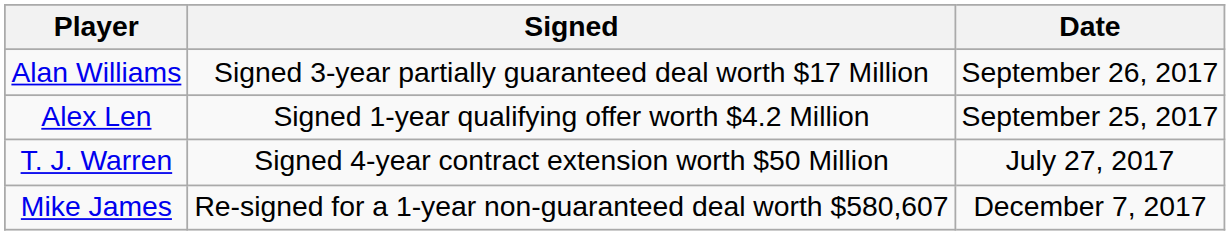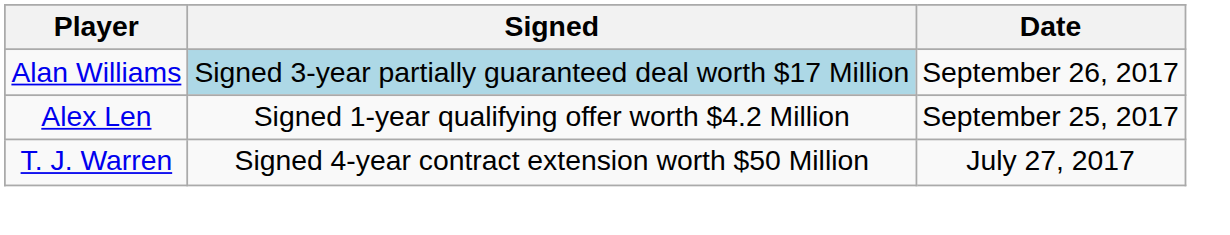 <table class="wikitable sortable sortable">
 <tr>
 <th>Player</th>
 <th>Signed</th>
 <th>Date</th>
 </tr>
 <tr style="text-align: center">
 <td><a href='#'>Alan Williams</a></td>
-<td>Signed 3-year partially guaranteed deal worth $17 Million</td>
+<td style="background: lightblue;">Signed 3-year partially guaranteed deal worth $17 Million</td>
 <td>September 26, 2017</td>
 </tr>
 <tr style="text-align: center">
 <td><a href='#'>Alex Len</a></td>
 <td>Signed 1-year qualifying offer worth $4.2 Million</td>
 <td>September 25, 2017</td>
 </tr>
 <tr style="text-align: center">
 <td><a href='#'>T. J. Warren</a></td>
 <td>Signed 4-year contract extension worth $50 Million</td>
 <td>July 27, 2017</td>
 </tr>
-<tr style="text-align: center">
-<td><a href='#'>Mike James</a></td>
-<td>Re-signed for a 1-year non-guaranteed deal worth $580,607</td>
-<td>December 7, 2017</td>
-</tr>
 </table>
